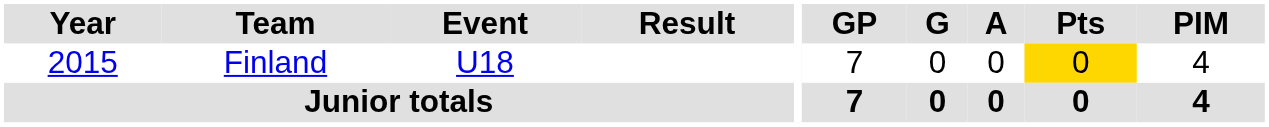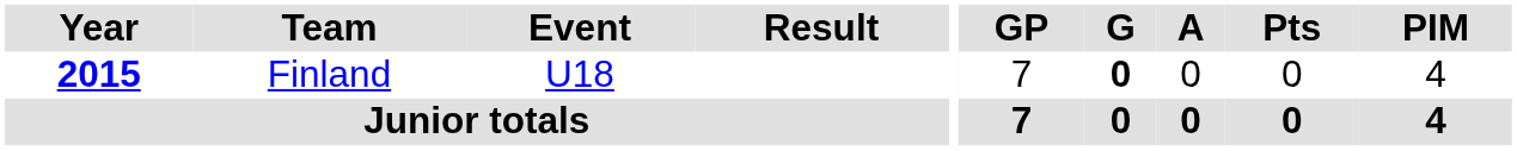 <table border="0" cellpadding="1" cellspacing="0" ID="Table3" style="text-align:center; width:40em">
 <tr ALIGN="center" bgcolor="#e0e0e0">
 <th>Year</th>
 <th>Team</th>
 <th>Event</th>
 <th>Result</th>
 <th rowspan="99" bgcolor="#ffffff"></th>
 <th>GP</th>
 <th>G</th>
 <th>A</th>
 <th>Pts</th>
 <th>PIM</th>
 </tr>
 <tr>
-<td><a href='#'>2015</a></td>
+<td><strong><a href='#'>2015</a></strong></td>
 <td><a href='#'>Finland</a></td>
 <td><a href='#'>U18</a></td>
 <td></td>
 <td>7</td>
+<td><strong>0</strong></td>
 <td>0</td>
 <td>0</td>
-<td style="background: gold;">0</td>
 <td>4</td>
 </tr>
 <tr bgcolor="#e0e0e0">
 <th colspan="4">Junior totals</th>
 <th>7</th>
 <th>0</th>
 <th>0</th>
 <th>0</th>
 <th>4</th>
 </tr>
 </table>
